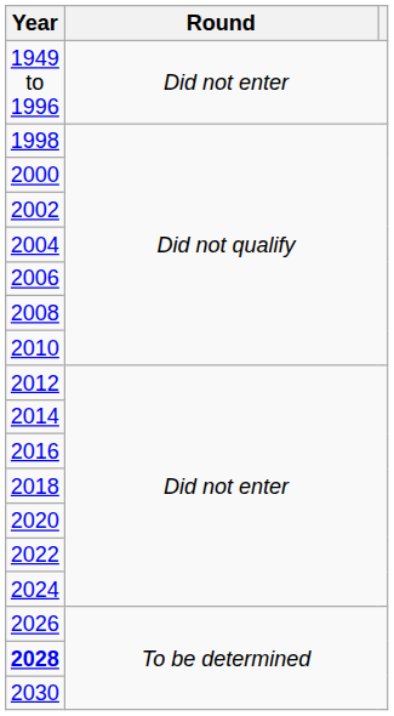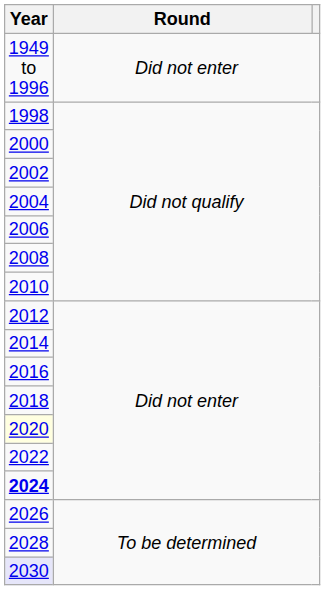 <table class="wikitable" style="text-align: center; font-size:90%">
 <tr>
 <th>Year</th>
 <th style="width:200px">Round</th>
 <th></th>
 </tr>
 <tr>
 <td><a href='#'>1949</a><br>to<br><a href='#'>1996</a></td>
 <td colspan="2"><em>Did not enter</em></td>
 </tr>
 <tr>
 <td><a href='#'>1998</a></td>
 <td colspan="2" rowspan="7"><em>Did not qualify</em></td>
 </tr>
 <tr>
 <td><a href='#'>2000</a></td>
 </tr>
 <tr>
 <td><a href='#'>2002</a></td>
 </tr>
 <tr>
 <td><a href='#'>2004</a></td>
 </tr>
 <tr>
 <td><a href='#'>2006</a></td>
 </tr>
 <tr>
 <td><a href='#'>2008</a></td>
 </tr>
 <tr>
 <td><a href='#'>2010</a></td>
 </tr>
 <tr>
 <td><a href='#'>2012</a></td>
 <td colspan="2" rowspan="7"><em>Did not enter</em></td>
 </tr>
 <tr>
 <td><a href='#'>2014</a></td>
 </tr>
 <tr>
 <td><a href='#'>2016</a></td>
 </tr>
 <tr>
 <td><a href='#'>2018</a></td>
 </tr>
 <tr>
-<td><a href='#'>2020</a></td>
+<td style="background: lightyellow;"><a href='#'>2020</a></td>
 </tr>
 <tr>
 <td><a href='#'>2022</a></td>
 </tr>
 <tr>
-<td><a href='#'>2024</a></td>
+<td><strong><a href='#'>2024</a></strong></td>
 </tr>
 <tr>
 <td><a href='#'>2026</a></td>
 <td colspan="2" rowspan="3"><em>To be determined</em></td>
 </tr>
 <tr>
-<td><strong><a href='#'>2028</a></strong></td>
+<td><a href='#'>2028</a></td>
 </tr>
 <tr>
-<td><a href='#'>2030</a></td>
+<td style="background: lavender;"><a href='#'>2030</a></td>
 </tr>
 </table>
